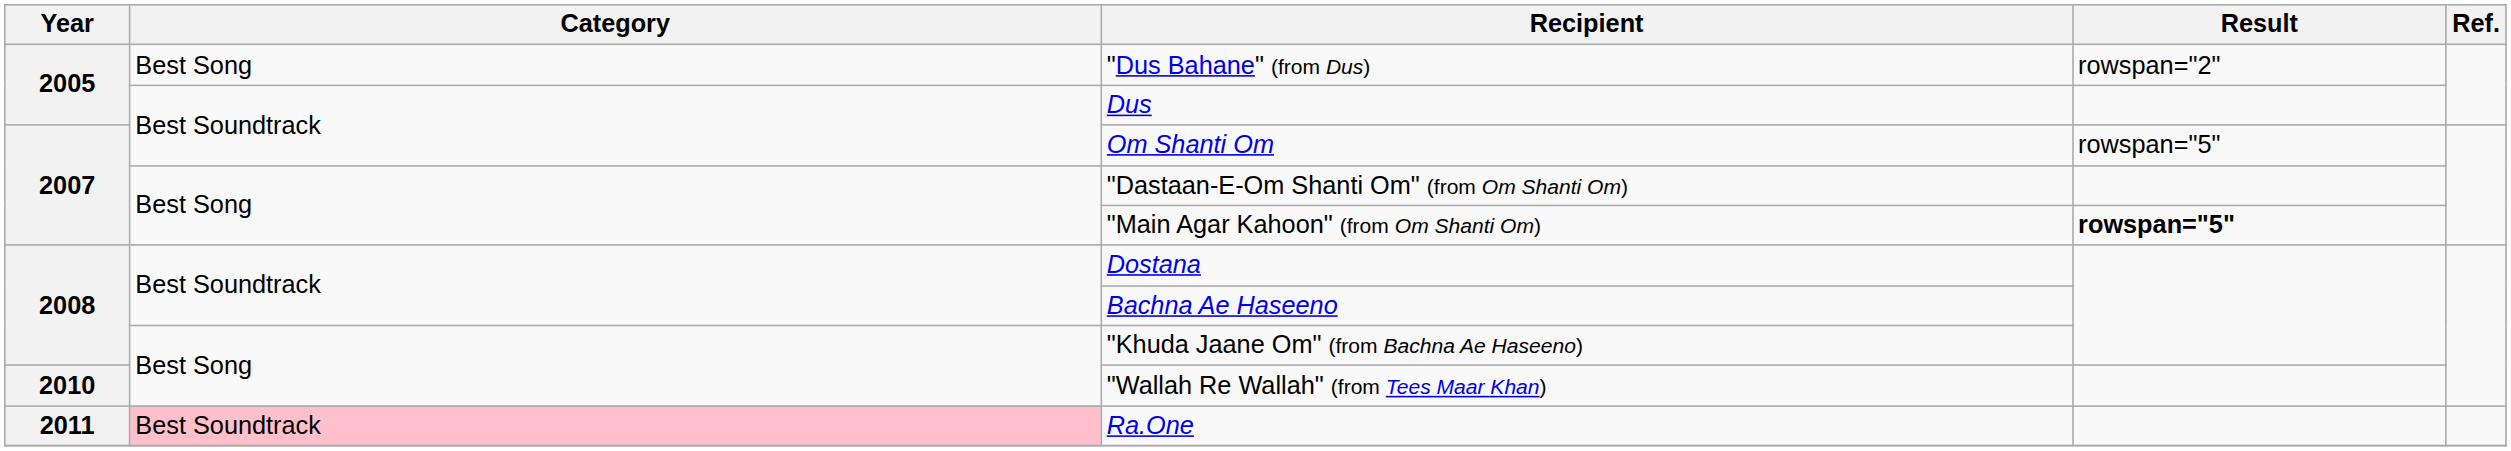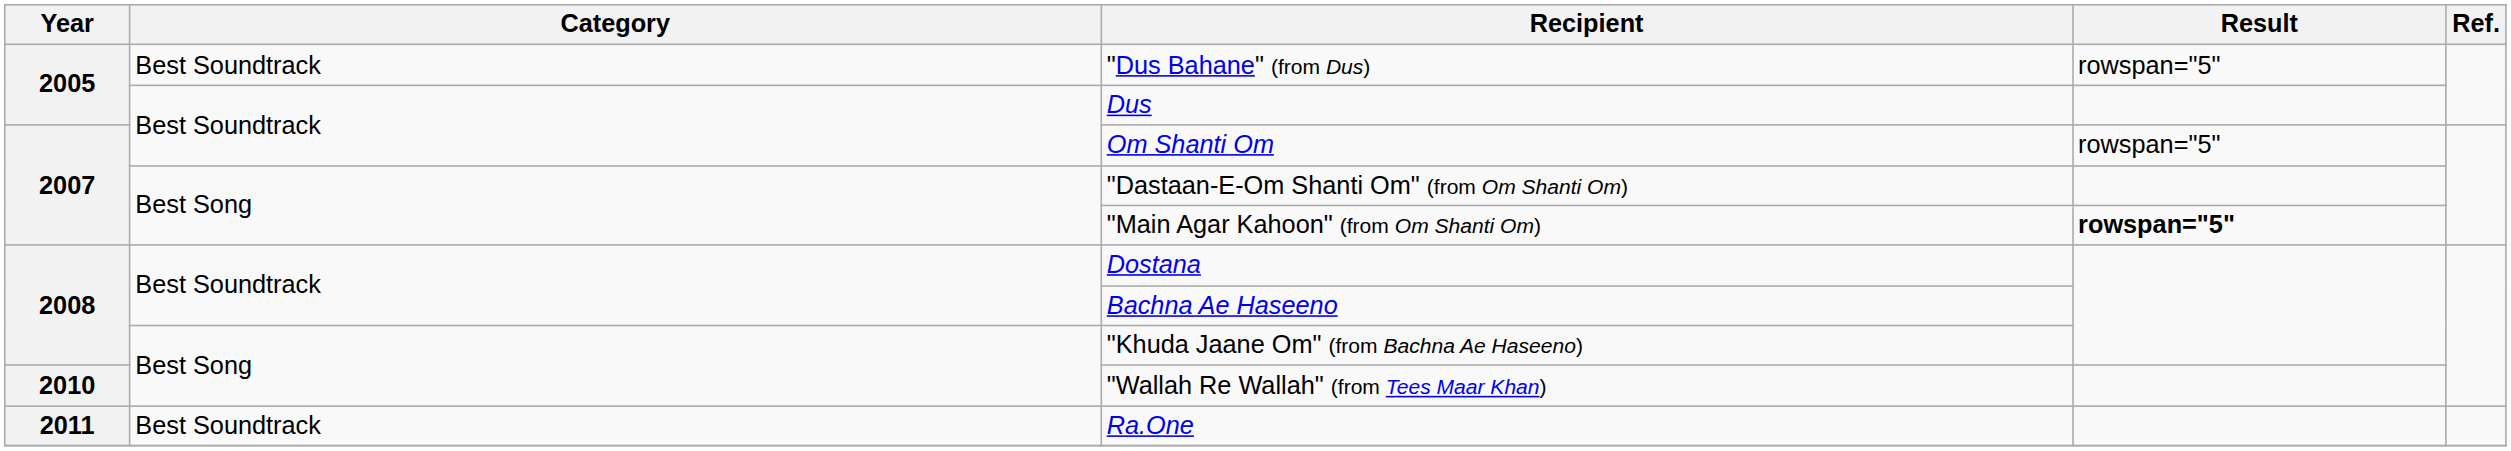 <table class="wikitable plainrowheaders" width="100%" textcolor:"#000;">
 <tr>
 <th scope="col" width=5%><strong>Year</strong></th>
 <th scope="col" width=39%><strong>Category</strong></th>
 <th scope="col" width=39%><strong>Recipient</strong></th>
 <th scope="col" width=15%><strong>Result</strong></th>
 <th scope="col" width=2%><strong>Ref.</strong></th>
 </tr>
 <tr>
 <th scope="row" rowspan="2">2005</th>
-<td>Best Song</td>
+<td>Best Soundtrack</td>
 <td>"<a href='#'>Dus Bahane</a>" <small>(from <em>Dus</em>)</small></td>
-<td>rowspan="2" </td>
+<td>rowspan="5" </td>
 <td rowspan="2"></td>
 </tr>
 <tr>
 <td rowspan="2">Best Soundtrack</td>
 <td><em><a href='#'>Dus</a></em></td>
 </tr>
 <tr>
 <th scope="row" rowspan="3">2007</th>
 <td><em><a href='#'>Om Shanti Om</a></em></td>
 <td>rowspan="5" </td>
 <td rowspan="3"></td>
 </tr>
 <tr>
 <td rowspan="2">Best Song</td>
 <td>"Dastaan-E-Om Shanti Om" <small>(from <em>Om Shanti Om</em>)</small></td>
 </tr>
 <tr>
 <td>"Main Agar Kahoon" <small>(from <em>Om Shanti Om</em>)</small></td>
 <td><strong>rowspan="5" </strong></td>
 </tr>
 <tr>
 <th scope="row" rowspan="3">2008</th>
 <td rowspan="2">Best Soundtrack</td>
 <td><em><a href='#'>Dostana</a></em></td>
 <td rowspan="3"></td>
 </tr>
 <tr>
 <td><em><a href='#'>Bachna Ae Haseeno</a></em></td>
 </tr>
 <tr>
 <td rowspan="2">Best Song</td>
 <td>"Khuda Jaane Om" <small>(from <em>Bachna Ae Haseeno</em>)</small></td>
 </tr>
 <tr>
 <th scope="row">2010</th>
 <td>"Wallah Re Wallah" <small>(from <em><a href='#'>Tees Maar Khan</a></em>)</small></td>
 <td></td>
 </tr>
 <tr>
 <th scope="row">2011</th>
-<td style="background: pink;">Best Soundtrack</td>
+<td>Best Soundtrack</td>
 <td><em><a href='#'>Ra.One</a></em></td>
 <td></td>
 <td></td>
 </tr>
 <tr>
 </tr>
 </table>
